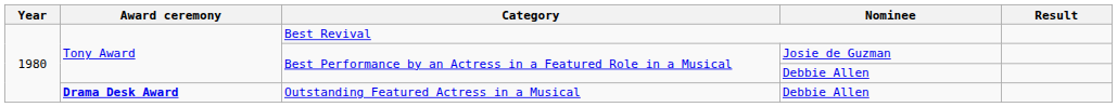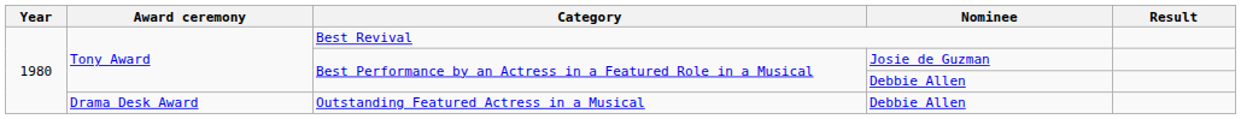 <table class="wikitable" style="width:95%;">
 <tr>
 <th style="width:5%;">Year</th>
 <th style="width:20%;">Award ceremony</th>
 <th style="width:45%;">Category</th>
 <th style="width:20%;">Nominee</th>
 <th style="width:10%;">Result</th>
 </tr>
 <tr>
 <td rowspan="4" style="text-align:center;">1980</td>
 <td rowspan="3"><a href='#'>Tony Award</a></td>
 <td colspan="2"><a href='#'>Best Revival</a></td>
 <td></td>
 </tr>
 <tr>
 <td rowspan="2"><a href='#'>Best Performance by an Actress in a Featured Role in a Musical</a></td>
 <td><a href='#'>Josie de Guzman</a></td>
 <td></td>
 </tr>
 <tr>
 <td><a href='#'>Debbie Allen</a></td>
 <td></td>
 </tr>
 <tr>
-<td><strong><a href='#'>Drama Desk Award</a></strong></td>
+<td><a href='#'>Drama Desk Award</a></td>
 <td><a href='#'>Outstanding Featured Actress in a Musical</a></td>
 <td><a href='#'>Debbie Allen</a></td>
 <td></td>
 </tr>
 </table>
